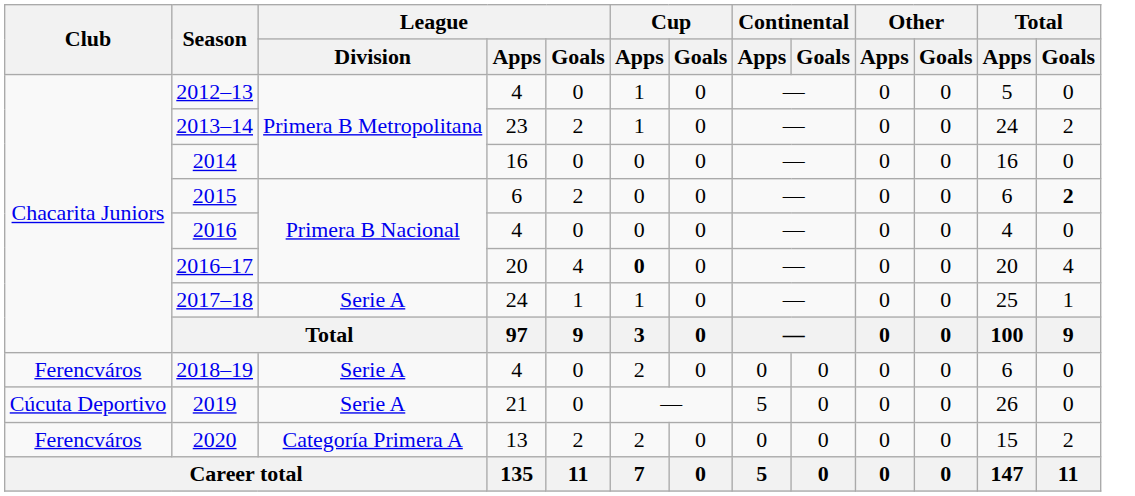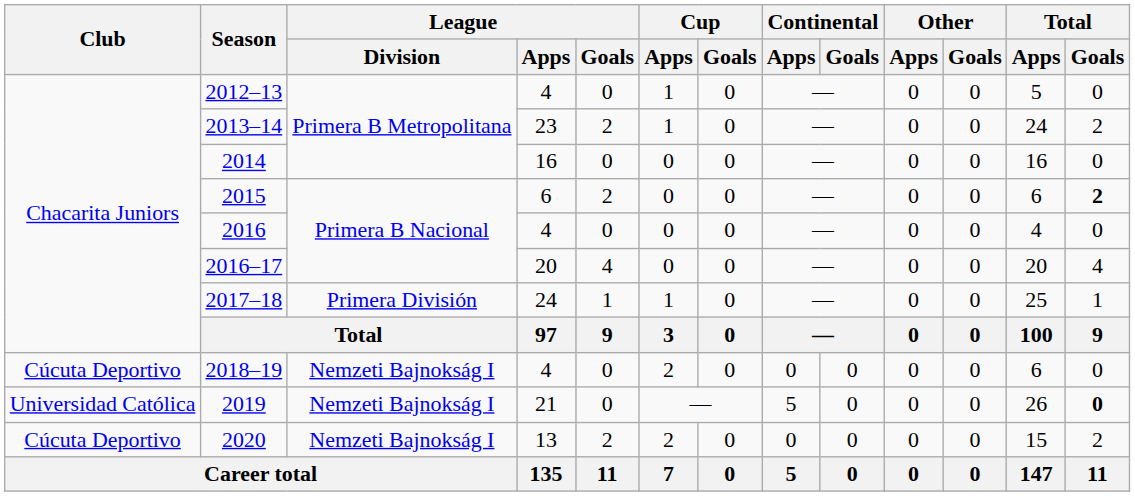 <table class="wikitable" style="text-align:center">
 <tr>
 <th rowspan="2">Club</th>
 <th rowspan="2">Season</th>
 <th colspan="3">League</th>
 <th colspan="2">Cup</th>
 <th colspan="2">Continental</th>
 <th colspan="2">Other</th>
 <th colspan="2">Total</th>
 </tr>
 <tr>
 <th>Division</th>
 <th>Apps</th>
 <th>Goals</th>
 <th>Apps</th>
 <th>Goals</th>
 <th>Apps</th>
 <th>Goals</th>
 <th>Apps</th>
 <th>Goals</th>
 <th>Apps</th>
 <th>Goals</th>
 </tr>
 <tr>
 <td rowspan="8"><a href='#'>Chacarita Juniors</a></td>
 <td><a href='#'>2012–13</a></td>
 <td rowspan="3"><a href='#'>Primera B Metropolitana</a></td>
 <td>4</td>
 <td>0</td>
 <td>1</td>
 <td>0</td>
 <td colspan="2">—</td>
 <td>0</td>
 <td>0</td>
 <td>5</td>
 <td>0</td>
 </tr>
 <tr>
 <td><a href='#'>2013–14</a></td>
 <td>23</td>
 <td>2</td>
 <td>1</td>
 <td>0</td>
 <td colspan="2">—</td>
 <td>0</td>
 <td>0</td>
 <td>24</td>
 <td>2</td>
 </tr>
 <tr>
 <td><a href='#'>2014</a></td>
 <td>16</td>
 <td>0</td>
 <td>0</td>
 <td>0</td>
 <td colspan="2">—</td>
 <td>0</td>
 <td>0</td>
 <td>16</td>
 <td>0</td>
 </tr>
 <tr>
 <td><a href='#'>2015</a></td>
 <td rowspan="3"><a href='#'>Primera B Nacional</a></td>
 <td>6</td>
 <td>2</td>
 <td>0</td>
 <td>0</td>
 <td colspan="2">—</td>
 <td>0</td>
 <td>0</td>
 <td>6</td>
 <td><strong>2</strong></td>
 </tr>
 <tr>
 <td><a href='#'>2016</a></td>
 <td>4</td>
 <td>0</td>
 <td>0</td>
 <td>0</td>
 <td colspan="2">—</td>
 <td>0</td>
 <td>0</td>
 <td>4</td>
 <td>0</td>
 </tr>
 <tr>
 <td><a href='#'>2016–17</a></td>
 <td>20</td>
 <td>4</td>
-<td><strong>0</strong></td>
+<td>0</td>
 <td>0</td>
 <td colspan="2">—</td>
 <td>0</td>
 <td>0</td>
 <td>20</td>
 <td>4</td>
 </tr>
 <tr>
 <td><a href='#'>2017–18</a></td>
-<td rowspan="1"><a href='#'>Serie A</a></td>
+<td rowspan="1"><a href='#'>Primera División</a></td>
 <td>24</td>
 <td>1</td>
 <td>1</td>
 <td>0</td>
 <td colspan="2">—</td>
 <td>0</td>
 <td>0</td>
 <td>25</td>
 <td>1</td>
 </tr>
 <tr>
 <th colspan="2">Total</th>
 <th>97</th>
 <th>9</th>
 <th>3</th>
 <th>0</th>
 <th colspan="2">—</th>
 <th>0</th>
 <th>0</th>
 <th>100</th>
 <th>9</th>
 </tr>
 <tr>
-<td rowspan="1"><a href='#'>Ferencváros</a></td>
+<td rowspan="1"><a href='#'>Cúcuta Deportivo</a></td>
 <td><a href='#'>2018–19</a></td>
-<td rowspan="1"><a href='#'>Serie A</a></td>
+<td rowspan="1"><a href='#'>Nemzeti Bajnokság I</a></td>
 <td>4</td>
 <td>0</td>
 <td>2</td>
 <td>0</td>
 <td>0</td>
 <td>0</td>
 <td>0</td>
 <td>0</td>
 <td>6</td>
 <td>0</td>
 </tr>
 <tr>
-<td rowspan="1"><a href='#'>Cúcuta Deportivo</a></td>
+<td rowspan="1"><a href='#'>Universidad Católica</a></td>
 <td><a href='#'>2019</a></td>
-<td rowspan="1"><a href='#'>Serie A</a></td>
+<td rowspan="1"><a href='#'>Nemzeti Bajnokság I</a></td>
 <td>21</td>
 <td>0</td>
 <td colspan="2">—</td>
 <td>5</td>
 <td>0</td>
 <td>0</td>
 <td>0</td>
 <td>26</td>
-<td>0</td>
+<td><strong>0</strong></td>
 </tr>
 <tr>
-<td rowspan="1"><a href='#'>Ferencváros</a></td>
+<td rowspan="1"><a href='#'>Cúcuta Deportivo</a></td>
 <td><a href='#'>2020</a></td>
-<td rowspan="1"><a href='#'>Categoría Primera A</a></td>
+<td rowspan="1"><a href='#'>Nemzeti Bajnokság I</a></td>
 <td>13</td>
 <td>2</td>
 <td>2</td>
 <td>0</td>
 <td>0</td>
 <td>0</td>
 <td>0</td>
 <td>0</td>
 <td>15</td>
 <td>2</td>
 </tr>
 <tr>
 <th colspan="3">Career total</th>
 <th>135</th>
 <th>11</th>
 <th>7</th>
 <th>0</th>
 <th>5</th>
 <th>0</th>
 <th>0</th>
 <th>0</th>
 <th>147</th>
 <th>11</th>
 </tr>
 </table>
